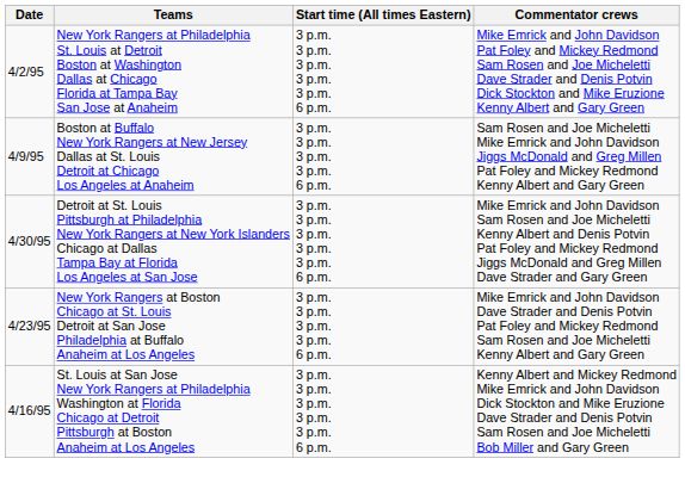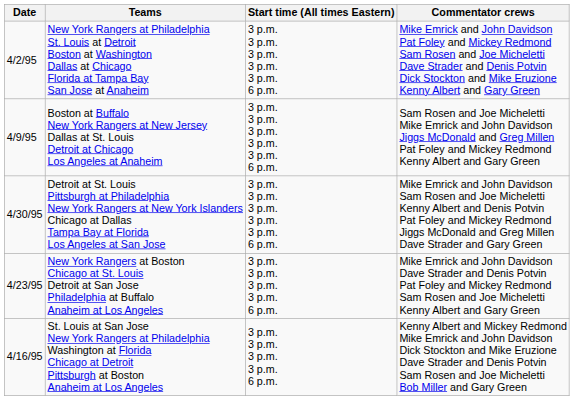 <table class="wikitable">
 <tr>
 <th>Date</th>
 <th>Teams</th>
 <th>Start time (All times Eastern)</th>
 <th>Commentator crews</th>
 </tr>
 <tr>
 <td>4/2/95</td>
 <td><a href='#'>New York Rangers at Philadelphia</a><br><a href='#'>St. Louis</a> at <a href='#'>Detroit</a><br><a href='#'>Boston</a> at <a href='#'>Washington</a><br><a href='#'>Dallas</a> at <a href='#'>Chicago</a><br><a href='#'>Florida at Tampa Bay</a><br><a href='#'>San Jose</a> at <a href='#'>Anaheim</a></td>
 <td>3 p.m.<br>3 p.m.<br>3 p.m.<br>3 p.m.<br>3 p.m.<br>6 p.m.</td>
 <td><a href='#'>Mike Emrick</a> and <a href='#'>John Davidson</a><br><a href='#'>Pat Foley</a> and <a href='#'>Mickey Redmond</a><br><a href='#'>Sam Rosen</a> and <a href='#'>Joe Micheletti</a><br><a href='#'>Dave Strader</a> and <a href='#'>Denis Potvin</a><br><a href='#'>Dick Stockton</a> and <a href='#'>Mike Eruzione</a><br><a href='#'>Kenny Albert</a> and <a href='#'>Gary Green</a></td>
 </tr>
 <tr>
 <td>4/9/95</td>
 <td>Boston at <a href='#'>Buffalo</a><br><a href='#'>New York Rangers at New Jersey</a><br>Dallas at St. Louis<br><a href='#'>Detroit at Chicago</a><br><a href='#'>Los Angeles at Anaheim</a></td>
-<td>3 p.m.<br>3 p.m.<br>3 p.m.<br>3 p.m.<br>6 p.m.</td>
+<td>3 p.m.<br>3 p.m.<br>3 p.m.<br>3 p.m.<br>3 p.m.<br>6 p.m.</td>
 <td>Sam Rosen and Joe Micheletti<br>Mike Emrick and John Davidson<br><a href='#'>Jiggs McDonald</a> and <a href='#'>Greg Millen</a><br>Pat Foley and Mickey Redmond<br>Kenny Albert and Gary Green</td>
 </tr>
 <tr>
 <td>4/30/95</td>
 <td>Detroit at St. Louis<br><a href='#'>Pittsburgh at Philadelphia</a><br><a href='#'>New York Rangers at New York Islanders</a><br>Chicago at Dallas<br><a href='#'>Tampa Bay at Florida</a><br><a href='#'>Los Angeles at San Jose</a></td>
 <td>3 p.m.<br>3 p.m.<br>3 p.m.<br>3 p.m.<br>3 p.m.<br>6 p.m.</td>
 <td>Mike Emrick and John Davidson<br>Sam Rosen and Joe Micheletti<br>Kenny Albert and Denis Potvin<br>Pat Foley and Mickey Redmond<br>Jiggs McDonald and Greg Millen<br>Dave Strader and Gary Green</td>
 </tr>
 <tr>
 <td>4/23/95</td>
 <td><a href='#'>New York Rangers</a> at Boston<br><a href='#'>Chicago at St. Louis</a><br>Detroit at San Jose<br><a href='#'>Philadelphia</a> at Buffalo<br><a href='#'>Anaheim at Los Angeles</a></td>
 <td>3 p.m.<br>3 p.m.<br>3 p.m.<br>3 p.m.<br>6 p.m.</td>
 <td>Mike Emrick and John Davidson<br>Dave Strader and Denis Potvin<br>Pat Foley and Mickey Redmond<br>Sam Rosen and Joe Micheletti<br>Kenny Albert and Gary Green</td>
 </tr>
 <tr>
 <td>4/16/95</td>
 <td>St. Louis at San Jose<br><a href='#'>New York Rangers at Philadelphia</a><br>Washington at <a href='#'>Florida</a><br><a href='#'>Chicago at Detroit</a><br><a href='#'>Pittsburgh</a> at Boston<br><a href='#'>Anaheim at Los Angeles</a></td>
-<td>3 p.m.<br>3 p.m.<br>3 p.m.<br>3 p.m.<br>3 p.m.<br>6 p.m.</td>
+<td>3 p.m.<br>3 p.m.<br>3 p.m.<br>3 p.m.<br>6 p.m.</td>
 <td>Kenny Albert and Mickey Redmond<br>Mike Emrick and John Davidson<br>Dick Stockton and Mike Eruzione<br>Dave Strader and Denis Potvin<br>Sam Rosen and Joe Micheletti<br><a href='#'>Bob Miller</a> and Gary Green</td>
 </tr>
 </table>
